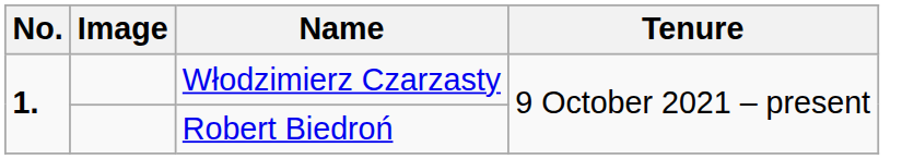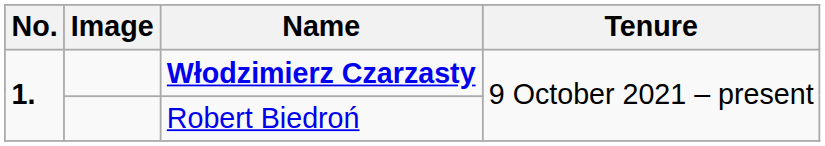 <table class="wikitable">
 <tr>
 <th>No.</th>
 <th>Image</th>
 <th>Name</th>
 <th>Tenure</th>
 </tr>
 <tr>
 <td rowspan="2"><strong>1.</strong></td>
 <td></td>
-<td><a href='#'>Włodzimierz Czarzasty</a></td>
+<td><strong><a href='#'>Włodzimierz Czarzasty</a></strong></td>
 <td rowspan="2">9 October 2021 – present</td>
 </tr>
 <tr>
 <td></td>
 <td><a href='#'>Robert Biedroń</a></td>
 </tr>
 </table>
